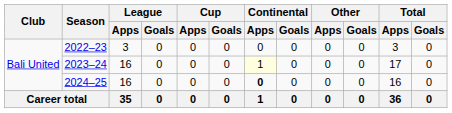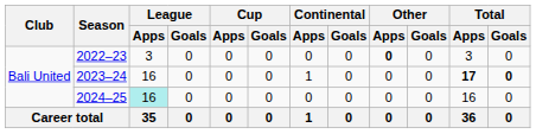 <table class="wikitable" style="text-align: center">
 <tr>
 <th rowspan="2">Club</th>
 <th rowspan="2">Season</th>
 <th colspan="2">League</th>
 <th colspan="2">Cup</th>
 <th colspan="2">Continental</th>
 <th colspan="2">Other</th>
 <th colspan="2">Total</th>
 </tr>
 <tr>
 <th>Apps</th>
 <th>Goals</th>
 <th>Apps</th>
 <th>Goals</th>
 <th>Apps</th>
 <th>Goals</th>
 <th>Apps</th>
 <th>Goals</th>
 <th>Apps</th>
 <th>Goals</th>
 </tr>
 <tr>
 <td rowspan="3" valign="center"><a href='#'>Bali United</a></td>
 <td><a href='#'>2022–23</a></td>
 <td>3</td>
 <td>0</td>
 <td>0</td>
 <td>0</td>
 <td>0</td>
 <td>0</td>
-<td>0</td>
+<td><strong>0</strong></td>
 <td>0</td>
 <td>3</td>
 <td>0</td>
 </tr>
 <tr>
 <td><a href='#'>2023–24</a></td>
 <td>16</td>
 <td>0</td>
 <td>0</td>
 <td>0</td>
-<td style="background: lightyellow;">1</td>
+<td>1</td>
 <td>0</td>
 <td>0</td>
 <td>0</td>
-<td>17</td>
-<td>0</td>
+<td><strong>17</strong></td>
+<td><strong>0</strong></td>
 </tr>
 <tr>
 <td><a href='#'>2024–25</a></td>
-<td>16</td>
+<td style="background: paleturquoise;">16</td>
 <td>0</td>
 <td>0</td>
 <td>0</td>
-<td><strong>0</strong></td>
+<td>0</td>
 <td>0</td>
 <td>0</td>
 <td>0</td>
 <td>16</td>
 <td>0</td>
 </tr>
 <tr>
 <th colspan=2>Career total</th>
 <th>35</th>
 <th>0</th>
 <th>0</th>
 <th>0</th>
 <th>1</th>
 <th>0</th>
 <th>0</th>
 <th>0</th>
 <th>36</th>
 <th>0</th>
 </tr>
 </table>
